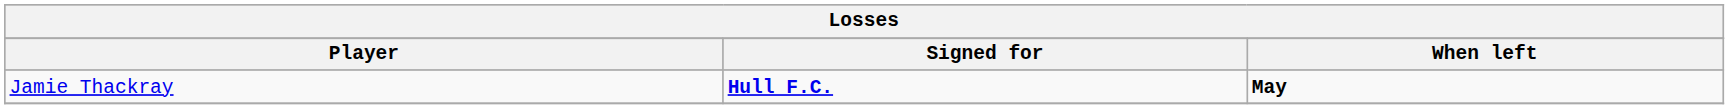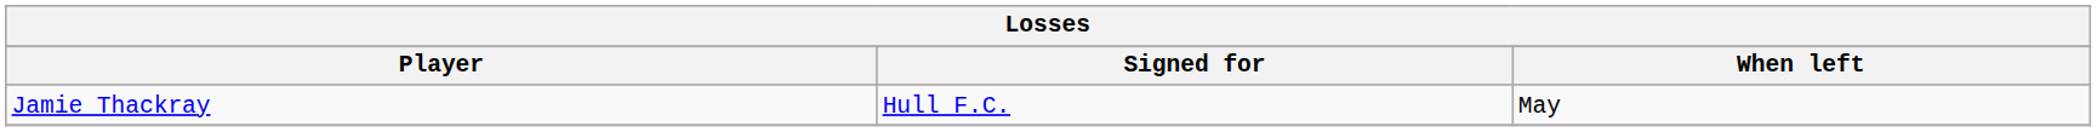 <table class="wikitable" width="65%" style="font-size:90%">
 <tr bgcolor="#efefef">
 <th colspan=11>Losses</th>
 </tr>
 <tr bgcolor="#efefef">
 </tr>
 <tr>
 <th>Player</th>
 <th>Signed for</th>
 <th>When left</th>
 </tr>
 <tr>
 <td><a href='#'>Jamie Thackray</a></td>
-<td><strong><a href='#'>Hull F.C.</a></strong></td>
-<td><strong>May</strong></td>
+<td><a href='#'>Hull F.C.</a></td>
+<td>May</td>
 </tr>
 <tr>
 </tr>
 </table>
